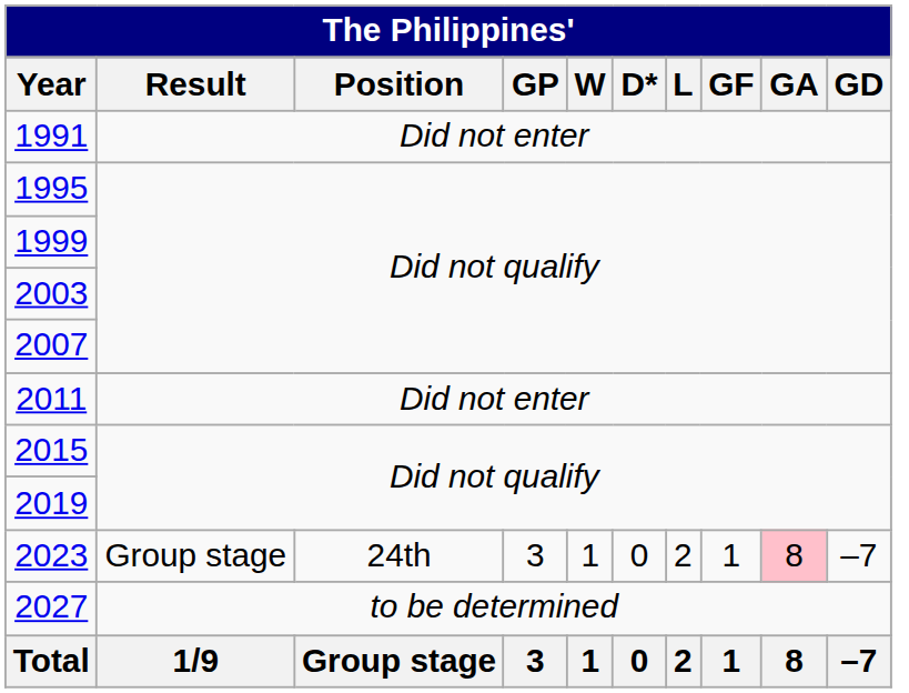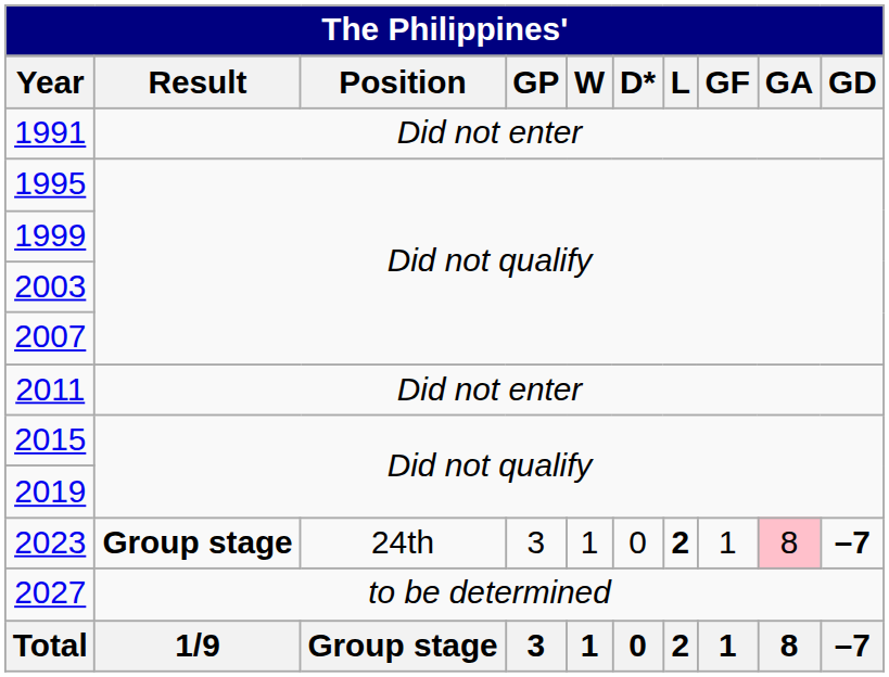 <table class="wikitable" style="text-align: center; font-size:100%;">
 <tr>
 <th colspan="10" style="background:#000080; color: #FFFFFF;">The Philippines' <a href='#'></a></th>
 </tr>
 <tr>
 </tr>
 <tr>
 <th>Year</th>
 <th>Result</th>
 <th>Position</th>
 <th>GP</th>
 <th>W</th>
 <th>D*</th>
 <th>L</th>
 <th>GF</th>
 <th>GA</th>
 <th>GD</th>
 </tr>
 <tr>
 <td> <a href='#'>1991</a></td>
 <td colspan=9><em>Did not enter</em></td>
 </tr>
 <tr>
 <td> <a href='#'>1995</a></td>
 <td rowspan=4 colspan=9><em>Did not qualify</em></td>
 </tr>
 <tr>
 <td> <a href='#'>1999</a></td>
 </tr>
 <tr>
 <td> <a href='#'>2003</a></td>
 </tr>
 <tr>
 <td> <a href='#'>2007</a></td>
 </tr>
 <tr>
 <td> <a href='#'>2011</a></td>
 <td colspan=9><em>Did not enter</em></td>
 </tr>
 <tr>
 <td> <a href='#'>2015</a></td>
 <td rowspan=2 colspan=9><em>Did not qualify</em></td>
 </tr>
 <tr>
 <td> <a href='#'>2019</a></td>
 </tr>
 <tr>
 <td> <a href='#'>2023</a></td>
-<td>Group stage</td>
+<td><strong>Group stage</strong></td>
 <td>24th</td>
 <td>3</td>
 <td>1</td>
 <td>0</td>
-<td>2</td>
+<td><strong>2</strong></td>
 <td>1</td>
 <td style="background: pink;">8</td>
-<td>–7</td>
+<td><strong>–7</strong></td>
 </tr>
 <tr>
 <td> <a href='#'>2027</a></td>
 <td colspan=9><em>to be determined</em></td>
 </tr>
 <tr>
 <th><strong>Total</strong></th>
 <th><strong>1/9</strong></th>
 <th>Group stage</th>
 <th>3</th>
 <th>1</th>
 <th>0</th>
 <th>2</th>
 <th>1</th>
 <th>8</th>
 <th>–7</th>
 </tr>
 </table>
